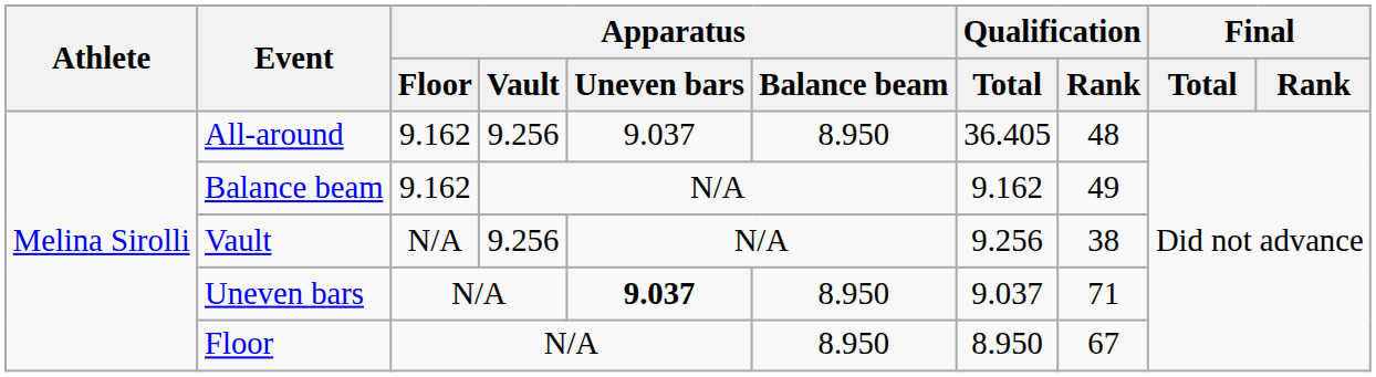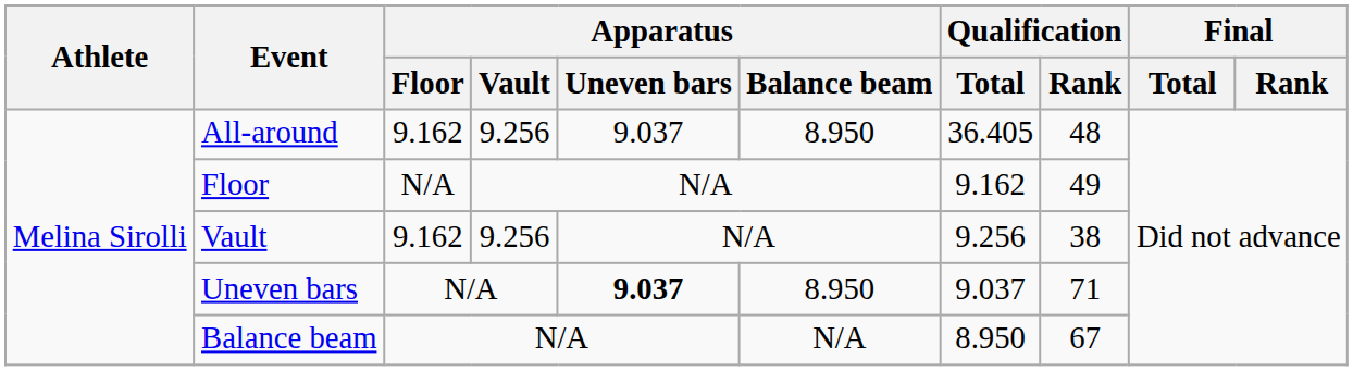 <table class="wikitable" style="font-size:90%">
 <tr>
 <th rowspan="2">Athlete</th>
 <th rowspan="2">Event</th>
 <th colspan = "4">Apparatus</th>
 <th colspan = "2">Qualification</th>
 <th colspan = "2">Final</th>
 </tr>
 <tr>
 <th>Floor</th>
 <th>Vault</th>
 <th>Uneven bars</th>
 <th>Balance beam</th>
 <th>Total</th>
 <th>Rank</th>
 <th>Total</th>
 <th>Rank</th>
 </tr>
 <tr>
 <td rowspan="5"><a href='#'>Melina Sirolli</a></td>
 <td><a href='#'>All-around</a></td>
 <td style="text-align:center;">9.162</td>
 <td style="text-align:center;">9.256</td>
 <td style="text-align:center;">9.037</td>
 <td style="text-align:center;">8.950</td>
 <td style="text-align:center;">36.405</td>
 <td style="text-align:center;">48</td>
 <td style="text-align:center;" colspan="2" rowspan="5">Did not advance</td>
 </tr>
 <tr>
-<td><a href='#'>Balance beam</a></td>
-<td align=center>9.162</td>
+<td><a href='#'>Floor</a></td>
+<td style="text-align:center;">N/A</td>
 <td style="text-align:center;" colspan="3">N/A</td>
 <td align=center>9.162</td>
 <td align=center>49</td>
 </tr>
 <tr>
 <td><a href='#'>Vault</a></td>
-<td style="text-align:center;">N/A</td>
+<td align=center>9.162</td>
 <td align=center>9.256</td>
 <td style="text-align:center;" colspan="2">N/A</td>
 <td align=center>9.256</td>
 <td align=center>38</td>
 </tr>
 <tr>
 <td><a href='#'>Uneven bars</a></td>
 <td style="text-align:center;" colspan="2">N/A</td>
 <td align=center><strong>9.037</strong></td>
 <td align=center>8.950</td>
 <td align=center>9.037</td>
 <td align=center>71</td>
 </tr>
 <tr>
-<td><a href='#'>Floor</a></td>
+<td><a href='#'>Balance beam</a></td>
 <td style="text-align:center;" colspan="3">N/A</td>
-<td align=center>8.950</td>
+<td style="text-align:center;">N/A</td>
 <td align=center>8.950</td>
 <td align=center>67</td>
 </tr>
 </table>
